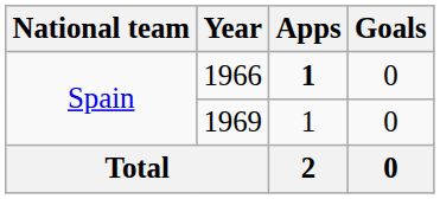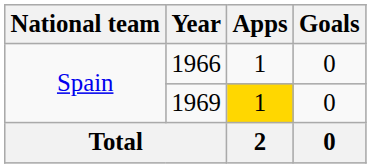 <table class="wikitable" style="text-align:center">
 <tr>
 <th>National team</th>
 <th>Year</th>
 <th>Apps</th>
 <th>Goals</th>
 </tr>
 <tr>
 <td rowspan="2"><a href='#'>Spain</a></td>
 <td>1966</td>
-<td><strong>1</strong></td>
+<td>1</td>
 <td>0</td>
 </tr>
 <tr>
 <td>1969</td>
-<td>1</td>
+<td style="background: gold;">1</td>
 <td>0</td>
 </tr>
 <tr>
 <th colspan="2">Total</th>
 <th>2</th>
 <th>0</th>
 </tr>
 </table>
